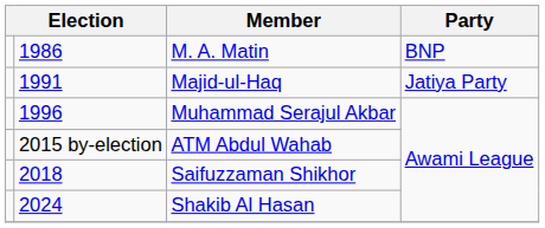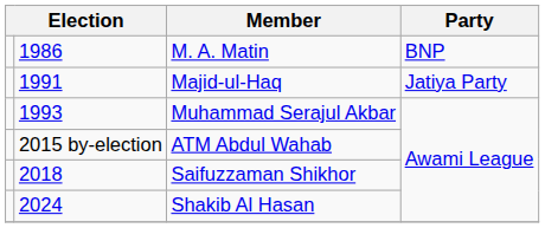 <table class="wikitable">
 <tr>
 <th colspan="2">Election</th>
 <th>Member</th>
 <th>Party</th>
 </tr>
 <tr>
 <td style="background-color:"></td>
 <td><a href='#'>1986</a></td>
 <td><a href='#'>M. A. Matin</a></td>
 <td><a href='#'>BNP</a></td>
 </tr>
 <tr>
 <td style="background-color:"></td>
 <td><a href='#'>1991</a></td>
 <td><a href='#'>Majid-ul-Haq</a></td>
 <td><a href='#'>Jatiya Party</a></td>
 </tr>
 <tr>
 <td style="background-color:"></td>
-<td><a href='#'>1996</a></td>
+<td><a href='#'>1993</a></td>
 <td><a href='#'>Muhammad Serajul Akbar</a></td>
 <td rowspan="4"><a href='#'>Awami League</a></td>
 </tr>
 <tr>
 <td style="background-color:"></td>
 <td>2015 by-election</td>
 <td><a href='#'>ATM Abdul Wahab</a></td>
 </tr>
 <tr>
 <td style="background-color:"></td>
 <td><a href='#'>2018</a></td>
 <td><a href='#'>Saifuzzaman Shikhor</a></td>
 </tr>
 <tr>
 <td style="background-color:"></td>
 <td><a href='#'>2024</a></td>
 <td><a href='#'>Shakib Al Hasan</a></td>
 </tr>
 <tr>
 </tr>
 </table>
